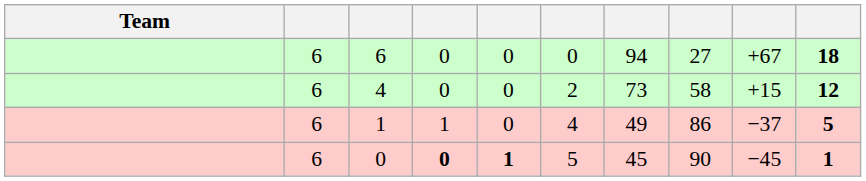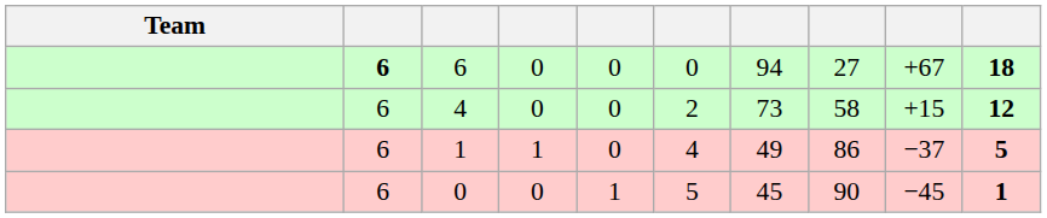 <table class=wikitable style="text-align:center">
 <tr>
 <th width=200>Team</th>
 <th width=40></th>
 <th width=40></th>
 <th width=40></th>
 <th width=40></th>
 <th width=40></th>
 <th width=40></th>
 <th width=40></th>
 <th width=40></th>
 <th width=40></th>
 </tr>
 <tr bgcolor=ccffcc>
 <td align=left></td>
-<td>6</td>
+<td><strong>6</strong></td>
 <td>6</td>
 <td>0</td>
 <td>0</td>
 <td>0</td>
 <td>94</td>
 <td>27</td>
 <td>+67</td>
 <td><strong>18</strong></td>
 </tr>
 <tr bgcolor=ccffcc>
 <td align=left></td>
 <td>6</td>
 <td>4</td>
 <td>0</td>
 <td>0</td>
 <td>2</td>
 <td>73</td>
 <td>58</td>
 <td>+15</td>
 <td><strong>12</strong></td>
 </tr>
 <tr bgcolor=ffcccc>
 <td align=left></td>
 <td>6</td>
 <td>1</td>
 <td>1</td>
 <td>0</td>
 <td>4</td>
 <td>49</td>
 <td>86</td>
 <td>−37</td>
 <td><strong>5</strong></td>
 </tr>
 <tr bgcolor=ffcccc>
 <td align=left></td>
 <td>6</td>
 <td>0</td>
-<td><strong>0</strong></td>
-<td><strong>1</strong></td>
+<td>0</td>
+<td>1</td>
 <td>5</td>
 <td>45</td>
 <td>90</td>
 <td>−45</td>
 <td><strong>1</strong></td>
 </tr>
 </table>
